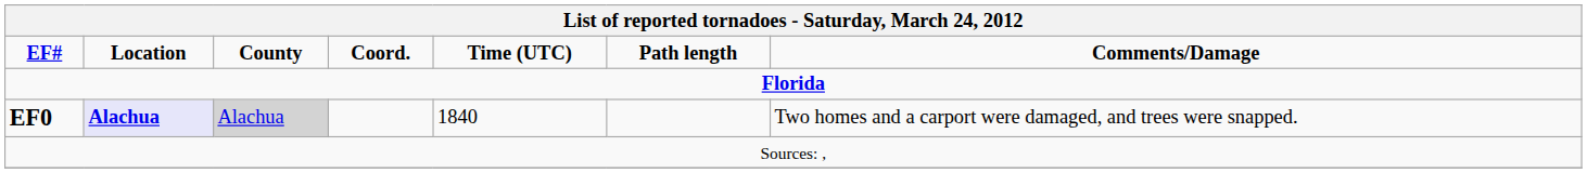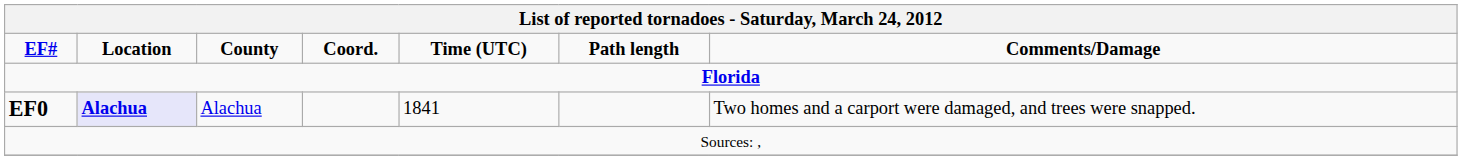 <table class="wikitable collapsible" width="100%">
 <tr>
 <th colspan="7">List of reported tornadoes - Saturday, March 24, 2012</th>
 </tr>
 <tr style="text-align:center;">
 <td><strong><a href='#'>EF#</a></strong></td>
 <td><strong>Location</strong></td>
 <td><strong>County</strong></td>
 <td><strong>Coord.</strong></td>
 <td><strong>Time (UTC)</strong></td>
 <td><strong>Path length</strong></td>
 <td><strong>Comments/Damage</strong></td>
 </tr>
 <tr>
 <td colspan="7" align=center><strong><a href='#'>Florida</a></strong></td>
 </tr>
 <tr>
 <td><big><strong>EF0</strong></big></td>
 <td style="background: lavender;"><strong><a href='#'>Alachua</a></strong></td>
-<td style="background: lightgrey;"><a href='#'>Alachua</a></td>
+<td><a href='#'>Alachua</a></td>
 <td></td>
-<td>1840</td>
+<td>1841</td>
 <td></td>
 <td>Two homes and a carport were damaged, and trees were snapped.</td>
 </tr>
 <tr>
 <td colspan="7" align=center><small>Sources: , </small></td>
 </tr>
 <tr>
 </tr>
 </table>
